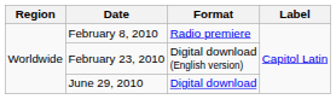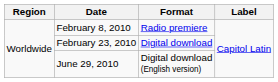 <table class=wikitable>
 <tr>
 <th>Region</th>
 <th>Date</th>
 <th>Format</th>
 <th>Label</th>
 </tr>
 <tr>
 <td rowspan="3">Worldwide</td>
 <td>February 8, 2010</td>
 <td><a href='#'>Radio premiere</a></td>
 <td rowspan="3"><a href='#'>Capitol Latin</a></td>
 </tr>
 <tr>
 <td>February 23, 2010</td>
-<td>Digital download<br><small>(English version)</small></td>
+<td><a href='#'>Digital download</a></td>
 </tr>
 <tr>
 <td>June 29, 2010</td>
-<td><a href='#'>Digital download</a></td>
+<td>Digital download<br><small>(English version)</small></td>
 </tr>
 </table>
